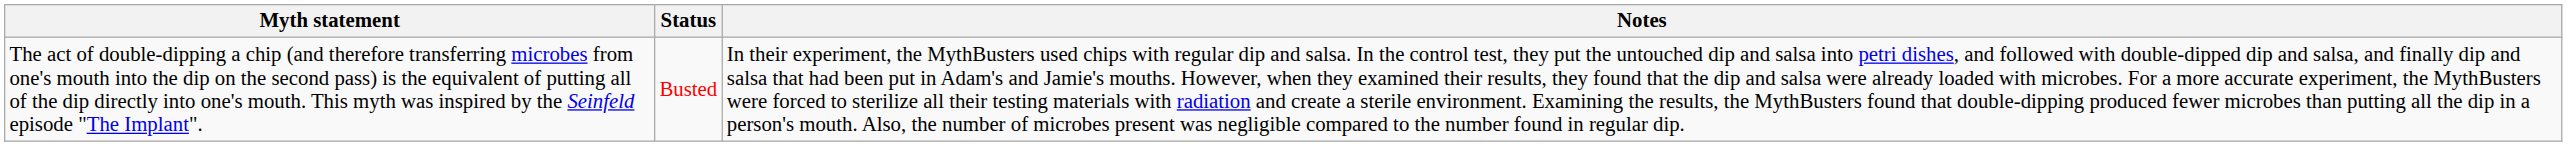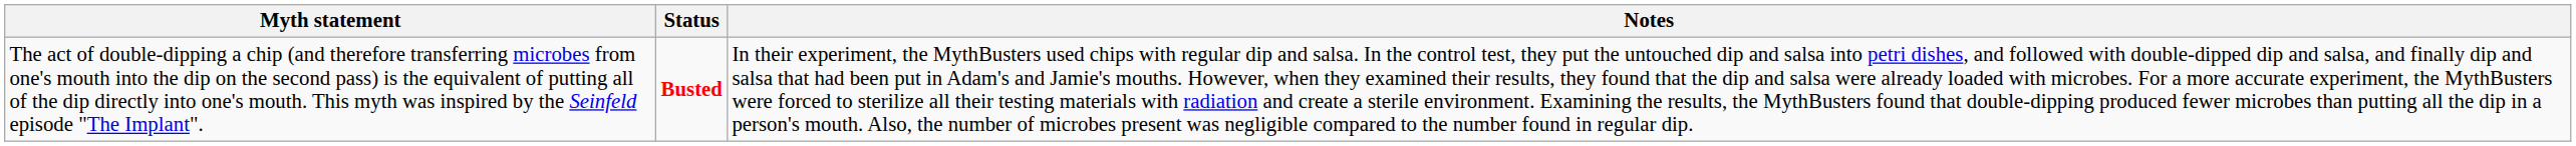 <table class="wikitable plainrowheaders">
 <tr>
 <th>Myth statement</th>
 <th>Status</th>
 <th>Notes</th>
 </tr>
 <tr>
 <td>The act of double-dipping a chip (and therefore transferring <a href='#'>microbes</a> from one's mouth into the dip on the second pass) is the equivalent of putting all of the dip directly into one's mouth. This myth was inspired by the <em><a href='#'>Seinfeld</a></em> episode "<a href='#'>The Implant</a>".</td>
-<td style="color:red">Busted</td>
+<td style="color:red"><strong>Busted</strong></td>
 <td>In their experiment, the MythBusters used chips with regular dip and salsa. In the control test, they put the untouched dip and salsa into <a href='#'>petri dishes</a>, and followed with double-dipped dip and salsa, and finally dip and salsa that had been put in Adam's and Jamie's mouths. However, when they examined their results, they found that the dip and salsa were already loaded with microbes. For a more accurate experiment, the MythBusters were forced to sterilize all their testing materials with <a href='#'>radiation</a> and create a sterile environment. Examining the results, the MythBusters found that double-dipping produced fewer microbes than putting all the dip in a person's mouth. Also, the number of microbes present was negligible compared to the number found in regular dip.</td>
 </tr>
 </table>
